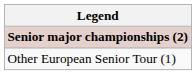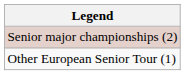 <table class="wikitable" style="font-size:95%;">
 <tr>
 <th>Legend</th>
 </tr>
 <tr style="background:#e5d1cb;">
-<td><strong>Senior major championships (2)</strong></td>
+<td>Senior major championships (2)</td>
 </tr>
 <tr>
 <td>Other European Senior Tour (1)</td>
 </tr>
 </table>
